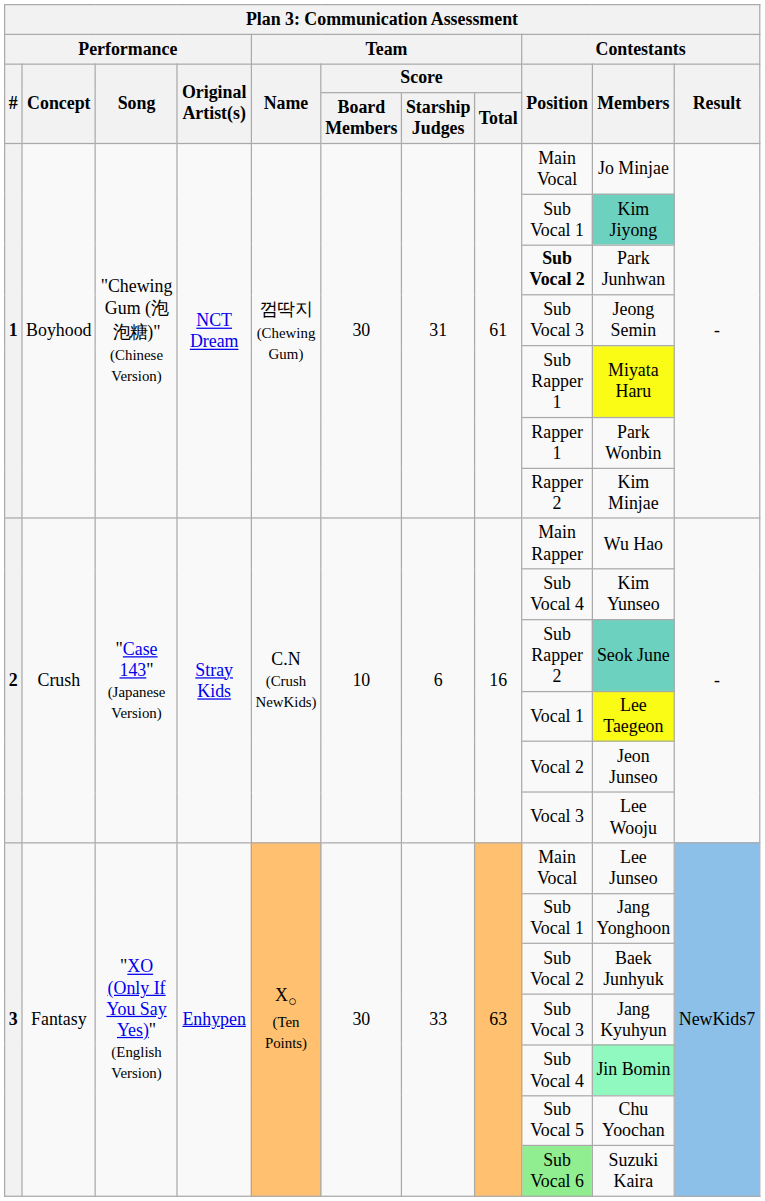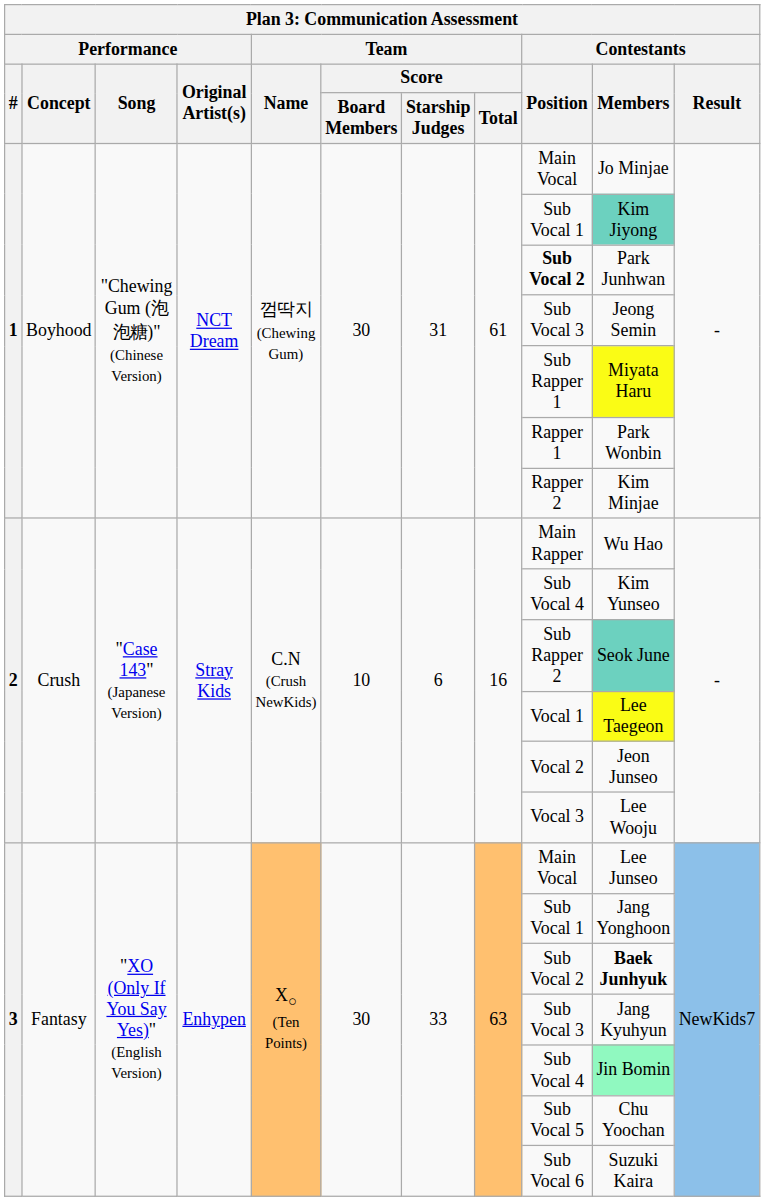 <table class="wikitable sortable mw-collapsible mw-collapsed" style="font-size:90%; text-align:center; ">
 <tr>
 <th colspan="11">Plan 3: Communication Assessment</th>
 </tr>
 <tr>
 <th colspan="4">Performance</th>
 <th colspan="4">Team</th>
 <th colspan="3">Contestants</th>
 </tr>
 <tr>
 <th rowspan="2">#</th>
 <th rowspan="2">Concept</th>
 <th rowspan="2">Song</th>
 <th rowspan="2">Original Artist(s)</th>
 <th rowspan="2">Name</th>
 <th colspan="3">Score</th>
 <th rowspan="2">Position</th>
 <th rowspan="2">Members</th>
 <th rowspan="2">Result</th>
 </tr>
 <tr>
 <th>Board<br>Members</th>
 <th>Starship<br>Judges</th>
 <th>Total</th>
 </tr>
 <tr>
 <th rowspan="7">1</th>
 <td rowspan="7">Boyhood</td>
 <td rowspan="7">"Chewing Gum (泡泡糖)"<br><small>(Chinese Version)</small></td>
 <td rowspan="7"><a href='#'>NCT Dream</a></td>
 <td rowspan="7">껌딱지<br><small>(Chewing Gum)</small></td>
 <td rowspan="7">30</td>
 <td rowspan="7">31</td>
 <td rowspan="7">61</td>
 <td>Main Vocal</td>
 <td>Jo Minjae</td>
 <td rowspan="7">-</td>
 </tr>
 <tr>
 <td>Sub Vocal 1</td>
 <td style="background:#6CD1BF">Kim Jiyong</td>
 </tr>
 <tr>
 <td><strong>Sub Vocal 2</strong></td>
 <td>Park Junhwan</td>
 </tr>
 <tr>
 <td>Sub Vocal 3</td>
 <td>Jeong Semin</td>
 </tr>
 <tr>
 <td>Sub Rapper 1</td>
 <td style="background:#fafc15">Miyata Haru</td>
 </tr>
 <tr>
 <td>Rapper 1</td>
 <td>Park Wonbin</td>
 </tr>
 <tr>
 <td>Rapper 2</td>
 <td>Kim Minjae</td>
 </tr>
 <tr>
 <th rowspan="6">2</th>
 <td rowspan="6">Crush</td>
 <td rowspan="6">"<a href='#'>Case 143</a>"<br><small>(Japanese Version)</small></td>
 <td rowspan="6"><a href='#'>Stray Kids</a></td>
 <td rowspan="6">C.N<br><small>(Crush NewKids)</small></td>
 <td rowspan="6">10</td>
 <td rowspan="6">6</td>
 <td rowspan="6">16</td>
 <td>Main Rapper</td>
 <td>Wu Hao</td>
 <td rowspan="6">-</td>
 </tr>
 <tr>
 <td>Sub Vocal 4</td>
 <td>Kim Yunseo</td>
 </tr>
 <tr>
 <td>Sub Rapper 2</td>
 <td style="background:#6CD1BF">Seok June</td>
 </tr>
 <tr>
 <td>Vocal 1</td>
 <td style="background:#fafc15">Lee Taegeon</td>
 </tr>
 <tr>
 <td>Vocal 2</td>
 <td>Jeon Junseo</td>
 </tr>
 <tr>
 <td>Vocal 3</td>
 <td>Lee Wooju</td>
 </tr>
 <tr>
 <th rowspan="7">3</th>
 <td rowspan="7">Fantasy</td>
 <td rowspan="7">"<a href='#'>XO (Only If You Say Yes)</a>"<br><small>(English Version)</small></td>
 <td rowspan="7"><a href='#'>Enhypen</a></td>
 <td rowspan="7" style="background:#FFC06F">X<sub>○</sub><br><small>(Ten Points)</small></td>
 <td rowspan="7">30</td>
 <td rowspan="7">33</td>
 <td rowspan="7" style="background:#FFC06F">63</td>
 <td>Main Vocal</td>
 <td>Lee Junseo</td>
 <td rowspan="7" style="background:#8cc0e9">NewKids7</td>
 </tr>
 <tr>
 <td>Sub Vocal 1</td>
 <td>Jang Yonghoon</td>
 </tr>
 <tr>
 <td>Sub Vocal 2</td>
-<td>Baek Junhyuk</td>
+<td><strong>Baek Junhyuk</strong></td>
 </tr>
 <tr>
 <td>Sub Vocal 3</td>
 <td>Jang Kyuhyun</td>
 </tr>
 <tr>
 <td>Sub Vocal 4</td>
 <td style="background:#90F9C0">Jin Bomin</td>
 </tr>
 <tr>
 <td>Sub Vocal 5</td>
 <td>Chu Yoochan</td>
 </tr>
 <tr>
-<td style="background: lightgreen;">Sub Vocal 6</td>
+<td>Sub Vocal 6</td>
 <td>Suzuki Kaira</td>
 </tr>
 </table>
